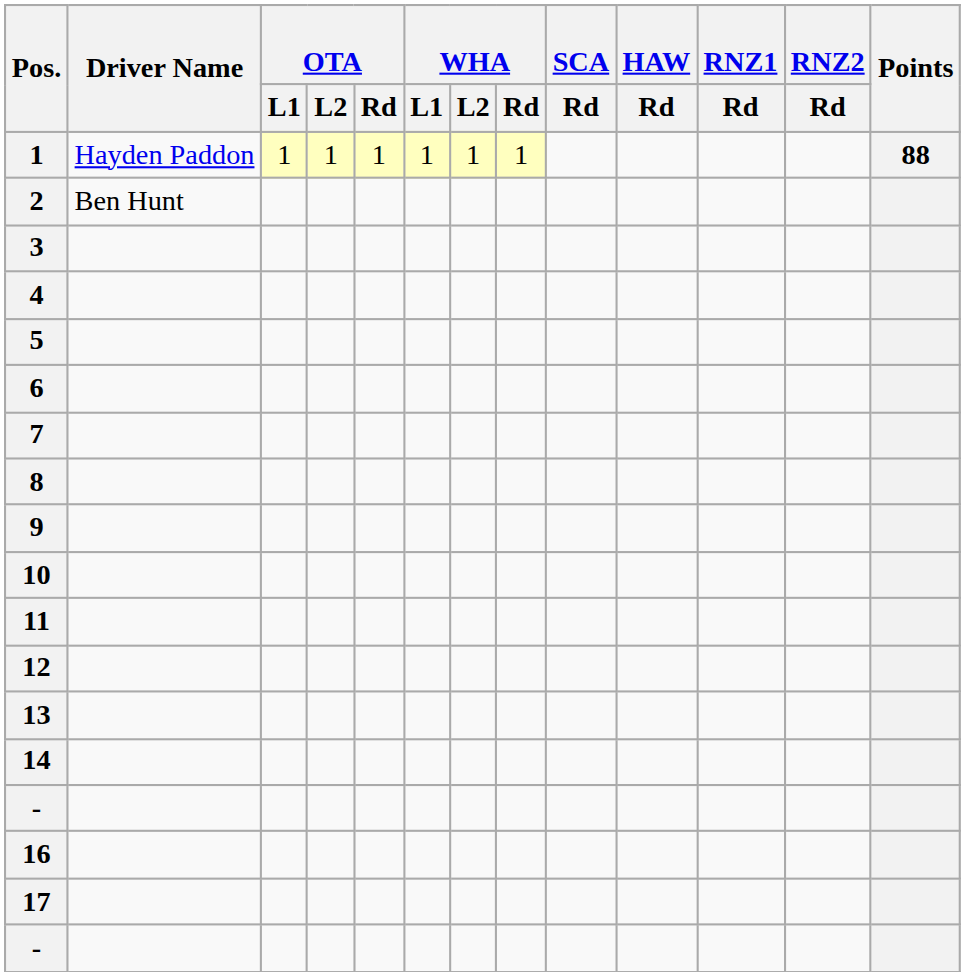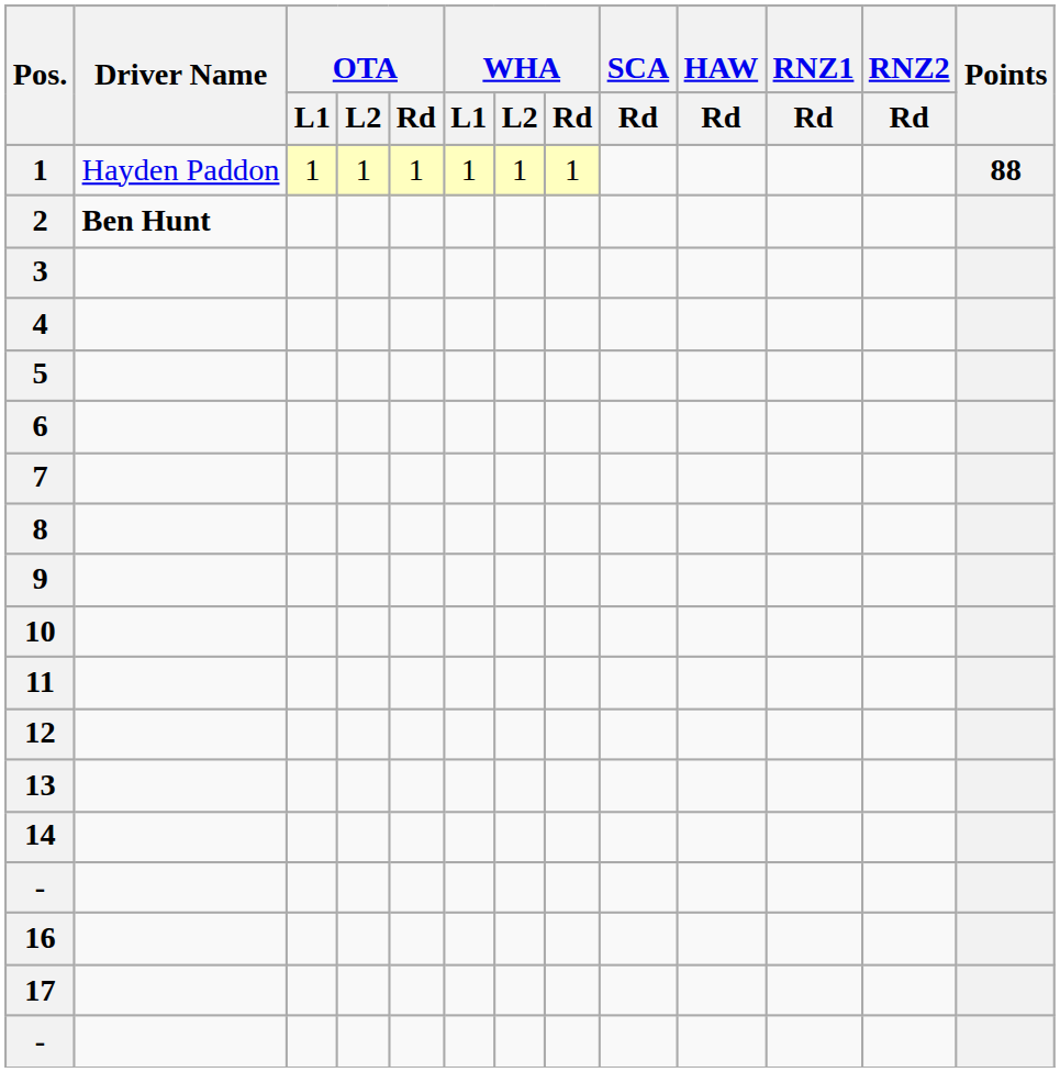 <table class="wikitable" style=font-size:85%;>
 <tr>
 <th rowspan=2>Pos.</th>
 <th rowspan=2>Driver Name</th>
 <th colspan=3><br><a href='#'>OTA</a></th>
 <th colspan=3><br><a href='#'>WHA</a></th>
 <th><br><a href='#'>SCA</a></th>
 <th><br><a href='#'>HAW</a></th>
 <th><br><a href='#'>RNZ1</a></th>
 <th><br><a href='#'>RNZ2</a></th>
 <th rowspan=2>Points</th>
 </tr>
 <tr>
 <th>L1</th>
 <th>L2</th>
 <th>Rd</th>
 <th>L1</th>
 <th>L2</th>
 <th>Rd</th>
 <th>Rd</th>
 <th>Rd</th>
 <th>Rd</th>
 <th>Rd</th>
 </tr>
 <tr>
 <th>1</th>
 <td>  <a href='#'>Hayden Paddon</a></td>
 <td align=center style=background:#ffffbf;>1</td>
 <td align=center style=background:#ffffbf;>1</td>
 <td align=center style=background:#ffffbf;>1</td>
 <td align=center style=background:#ffffbf;>1</td>
 <td align=center style=background:#ffffbf;>1</td>
 <td align=center style=background:#ffffbf;>1</td>
 <td align=center style=background:#;></td>
 <td align=center style=background:#;></td>
 <td align=center style=background:#;></td>
 <td align=center style=background:#;></td>
 <th>88</th>
 </tr>
 <tr>
 <th>2</th>
-<td>  Ben Hunt</td>
+<td><strong>  Ben Hunt</strong></td>
 <td align=center style=background:#;></td>
 <td align=center style=background:#;></td>
 <td align=center style=background:#;></td>
 <td align=center style=background:#;></td>
 <td align=center style=background:#;></td>
 <td align=center style=background:#;></td>
 <td align=center style=background:#;></td>
 <td align=center style=background:#;></td>
 <td align=center style=background:#;></td>
 <td align=center style=background:#;></td>
 <th></th>
 </tr>
 <tr>
 <th>3</th>
 <td></td>
 <td align=center style=background:#;></td>
 <td align=center style=background:#;></td>
 <td align=center style=background:#;></td>
 <td align=center style=background:#;></td>
 <td align=center style=background:#;></td>
 <td align=center style=background:#;></td>
 <td align=center style=background:#;></td>
 <td align=center style=background:#;></td>
 <td align=center style=background:#;></td>
 <td align=center style=background:#;></td>
 <th></th>
 </tr>
 <tr>
 <th>4</th>
 <td></td>
 <td align=center style=background:#;></td>
 <td align=center style=background:#;></td>
 <td align=center style=background:#;></td>
 <td align=center style=background:#;></td>
 <td align=center style=background:#;></td>
 <td align=center style=background:#;></td>
 <td align=center style=background:#;></td>
 <td align=center style=background:#;></td>
 <td align=center style=background:#;></td>
 <td align=center style=background:#;></td>
 <th></th>
 </tr>
 <tr>
 <th>5</th>
 <td></td>
 <td align=center style=background:#;></td>
 <td align=center style=background:#;></td>
 <td align=center style=background:#;></td>
 <td align=center style=background:#;></td>
 <td align=center style=background:#;></td>
 <td align=center style=background:#;></td>
 <td align=center style=background:#;></td>
 <td align=center style=background:#;></td>
 <td align=center style=background:#;></td>
 <td align=center style=background:#;></td>
 <th></th>
 </tr>
 <tr>
 <th>6</th>
 <td></td>
 <td align=center style=background:#;></td>
 <td align=center style=background:#;></td>
 <td align=center style=background:#;></td>
 <td align=center style=background:#;></td>
 <td align=center style=background:#;></td>
 <td align=center style=background:#;></td>
 <td align=center style=background:#;></td>
 <td align=center style=background:#;></td>
 <td align=center style=background:#;></td>
 <td align=center style=background:#;></td>
 <th></th>
 </tr>
 <tr>
 <th>7</th>
 <td></td>
 <td align=center style=background:#;></td>
 <td align=center style=background:#;></td>
 <td align=center style=background:#;></td>
 <td align=center style=background:#;></td>
 <td align=center style=background:#;></td>
 <td align=center style=background:#;></td>
 <td align=center style=background:#;></td>
 <td align=center style=background:#;></td>
 <td align=center style=background:#;></td>
 <td align=center style=background:#;></td>
 <th></th>
 </tr>
 <tr>
 <th>8</th>
 <td></td>
 <td align=center style=background:#;></td>
 <td align=center style=background:#;></td>
 <td align=center style=background:#;></td>
 <td align=center style=background:#;></td>
 <td align=center style=background:#;></td>
 <td align=center style=background:#;></td>
 <td align=center style=background:#;></td>
 <td align=center style=background:#;></td>
 <td align=center style=background:#;></td>
 <td align=center style=background:#;></td>
 <th></th>
 </tr>
 <tr>
 <th>9</th>
 <td></td>
 <td align=center style=background:#;></td>
 <td align=center style=background:#;></td>
 <td align=center style=background:#;></td>
 <td align=center style=background:#;></td>
 <td align=center style=background:#;></td>
 <td align=center style=background:#;></td>
 <td align=center style=background:#;></td>
 <td align=center style=background:#;></td>
 <td align=center style=background:#;></td>
 <td align=center style=background:#;></td>
 <th></th>
 </tr>
 <tr>
 <th>10</th>
 <td></td>
 <td align=center style=background:#;></td>
 <td align=center style=background:#;></td>
 <td align=center style=background:#;></td>
 <td align=center style=background:#;></td>
 <td align=center style=background:#;></td>
 <td align=center style=background:#;></td>
 <td align=center style=background:#;></td>
 <td align=center style=background:#;></td>
 <td align=center style=background:#;></td>
 <td align=center style=background:#;></td>
 <th></th>
 </tr>
 <tr>
 <th>11</th>
 <td></td>
 <td align=center style=background:#;></td>
 <td align=center style=background:#;></td>
 <td align=center style=background:#;></td>
 <td align=center style=background:#;></td>
 <td align=center style=background:#;></td>
 <td align=center style=background:#;></td>
 <td align=center style=background:#;></td>
 <td align=center style=background:#;></td>
 <td align=center style=background:#;></td>
 <td align=center style=background:#;></td>
 <th></th>
 </tr>
 <tr>
 <th>12</th>
 <td></td>
 <td align=center style=background:#;></td>
 <td align=center style=background:#;></td>
 <td align=center style=background:#;></td>
 <td align=center style=background:#;></td>
 <td align=center style=background:#;></td>
 <td align=center style=background:#;></td>
 <td align=center style=background:#;></td>
 <td align=center style=background:#;></td>
 <td align=center style=background:#;></td>
 <td align=center style=background:#;></td>
 <th></th>
 </tr>
 <tr>
 <th>13</th>
 <td></td>
 <td align=center style=background:#;></td>
 <td align=center style=background:#;></td>
 <td align=center style=background:#;></td>
 <td align=center style=background:#;></td>
 <td align=center style=background:#;></td>
 <td align=center style=background:#;></td>
 <td align=center style=background:#;></td>
 <td align=center style=background:#;></td>
 <td align=center style=background:#;></td>
 <td align=center style=background:#;></td>
 <th></th>
 </tr>
 <tr>
 <th>14</th>
 <td></td>
 <td align=center style=background:#;></td>
 <td align=center style=background:#;></td>
 <td align=center style=background:#;></td>
 <td align=center style=background:#;></td>
 <td align=center style=background:#;></td>
 <td align=center style=background:#;></td>
 <td align=center style=background:#;></td>
 <td align=center style=background:#;></td>
 <td align=center style=background:#;></td>
 <td align=center style=background:#;></td>
 <th></th>
 </tr>
 <tr>
 <th>-</th>
 <td></td>
 <td align=center style=background:#;></td>
 <td align=center style=background:#;></td>
 <td align=center style=background:#;></td>
 <td align=center style=background:#;></td>
 <td align=center style=background:#;></td>
 <td align=center style=background:#;></td>
 <td align=center style=background:#;></td>
 <td align=center style=background:#;></td>
 <td align=center style=background:#;></td>
 <td align=center style=background:#;></td>
 <th></th>
 </tr>
 <tr>
 <th>16</th>
 <td></td>
 <td align=center style=background:#;></td>
 <td align=center style=background:#;></td>
 <td align=center style=background:#;></td>
 <td align=center style=background:#;></td>
 <td align=center style=background:#;></td>
 <td align=center style=background:#;></td>
 <td align=center style=background:#;></td>
 <td align=center style=background:#;></td>
 <td align=center style=background:#;></td>
 <td align=center style=background:#;></td>
 <th></th>
 </tr>
 <tr>
 <th>17</th>
 <td></td>
 <td align=center style=background:#;></td>
 <td align=center style=background:#;></td>
 <td align=center style=background:#;></td>
 <td align=center style=background:#;></td>
 <td align=center style=background:#;></td>
 <td align=center style=background:#;></td>
 <td align=center style=background:#;></td>
 <td align=center style=background:#;></td>
 <td align=center style=background:#;></td>
 <td align=center style=background:#;></td>
 <th></th>
 </tr>
 <tr>
 <th>-</th>
 <td></td>
 <td align=center style=background:#;></td>
 <td align=center style=background:#;></td>
 <td align=center style=background:#;></td>
 <td align=center style=background:#;></td>
 <td align=center style=background:#;></td>
 <td align=center style=background:#;></td>
 <td align=center style=background:#;></td>
 <td align=center style=background:#;></td>
 <td align=center style=background:#;></td>
 <td align=center style=background:#;></td>
 <th></th>
 </tr>
 <tr>
 </tr>
 </table>
